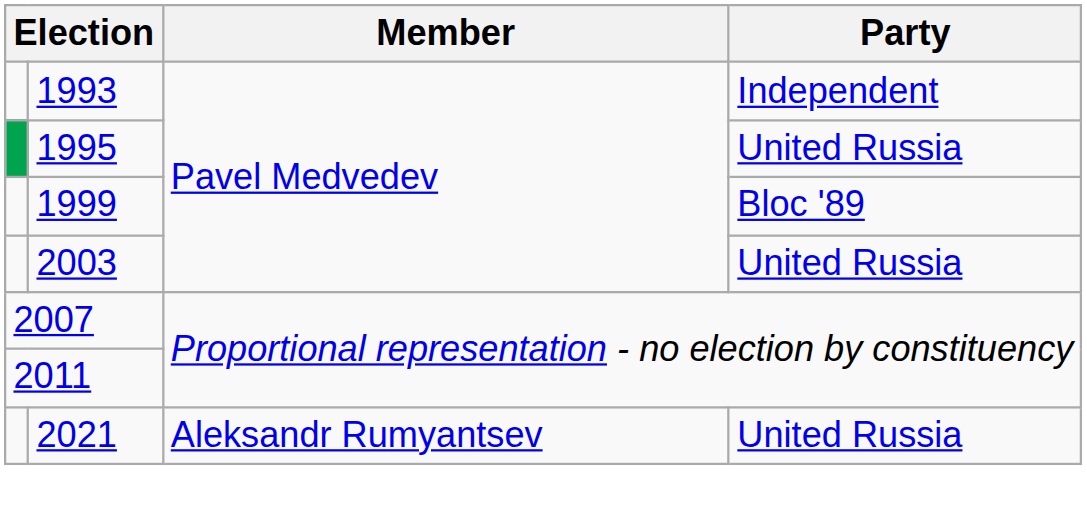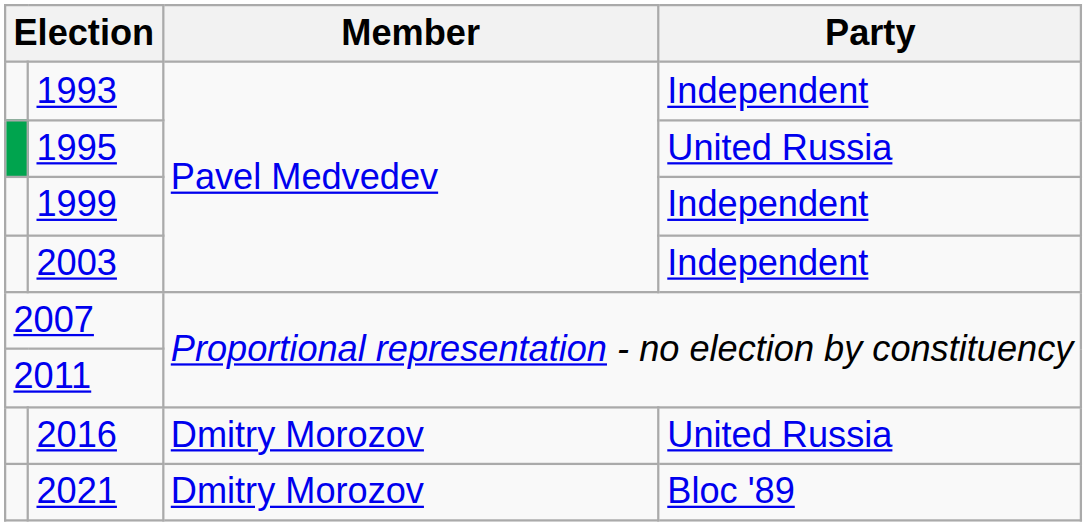 <table class="wikitable">
 <tr>
 <th colspan="2">Election</th>
 <th>Member</th>
 <th>Party</th>
 </tr>
 <tr>
 <td style="background-color:"></td>
 <td><a href='#'>1993</a></td>
 <td rowspan=4><a href='#'>Pavel Medvedev</a></td>
 <td><a href='#'>Independent</a></td>
 </tr>
 <tr>
 <td style="background-color:#00A44E"></td>
 <td><a href='#'>1995</a></td>
 <td><a href='#'>United Russia</a></td>
 </tr>
 <tr>
 <td style="background-color:"></td>
 <td><a href='#'>1999</a></td>
-<td><a href='#'>Bloc '89</a></td>
+<td><a href='#'>Independent</a></td>
 </tr>
 <tr>
 <td style="background-color:"></td>
 <td><a href='#'>2003</a></td>
-<td><a href='#'>United Russia</a></td>
+<td><a href='#'>Independent</a></td>
 </tr>
 <tr>
 <td colspan=2><a href='#'>2007</a></td>
 <td colspan=2 rowspan=2><em><a href='#'>Proportional representation</a> - no election by constituency</em></td>
 </tr>
 <tr>
 <td colspan=2><a href='#'>2011</a></td>
 </tr>
 <tr>
 <td style="background-color:"></td>
-<td><a href='#'>2021</a></td>
-<td><a href='#'>Aleksandr Rumyantsev</a></td>
+<td><a href='#'>2016</a></td>
+<td><a href='#'>Dmitry Morozov</a></td>
 <td><a href='#'>United Russia</a></td>
 </tr>
+<tr>
+<td style="background-color:"></td>
+<td><a href='#'>2021</a></td>
+<td><a href='#'>Dmitry Morozov</a></td>
+<td><a href='#'>Bloc '89</a></td>
+</tr>
 </table>
